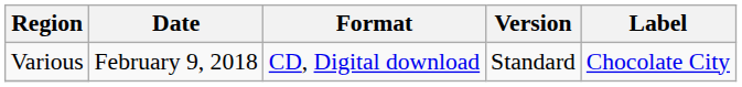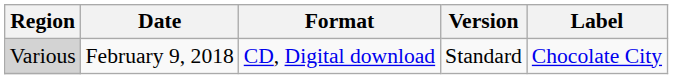 <table class="wikitable sortable">
 <tr>
 <th>Region</th>
 <th>Date</th>
 <th>Format</th>
 <th>Version</th>
 <th>Label</th>
 </tr>
 <tr>
-<td>Various</td>
+<td style="background: lightgrey;">Various</td>
 <td rowspan="2">February 9, 2018</td>
 <td rowspan="2"><a href='#'>CD</a>, <a href='#'>Digital download</a></td>
 <td rowspan="2">Standard</td>
 <td rowspan ="2"><a href='#'>Chocolate City</a></td>
 </tr>
 <tr>
 </tr>
 </table>
